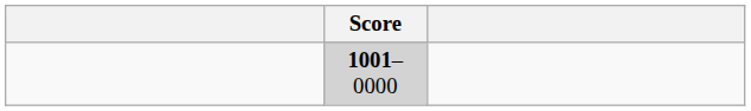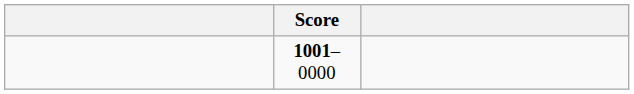 <table class="wikitable" style="text-align: center; font-size:90% ">
 <tr>
 <th align="right" width="200"></th>
 <th width="60">Score</th>
 <th align="left" width="200"></th>
 </tr>
 <tr>
 <td align="left"><strong></strong></td>
-<td style="background: lightgrey;"><strong>1001</strong>–0000</td>
+<td><strong>1001</strong>–0000</td>
 <td align="left"></td>
 </tr>
 </table>
